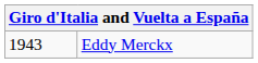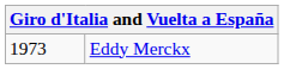 <table class="wikitable">
 <tr>
 <th colspan=2><a href='#'>Giro d'Italia</a> and <a href='#'>Vuelta a España</a></th>
 </tr>
 <tr>
-<td>1943</td>
+<td>1973</td>
 <td> <a href='#'>Eddy Merckx</a></td>
 </tr>
 </table>
